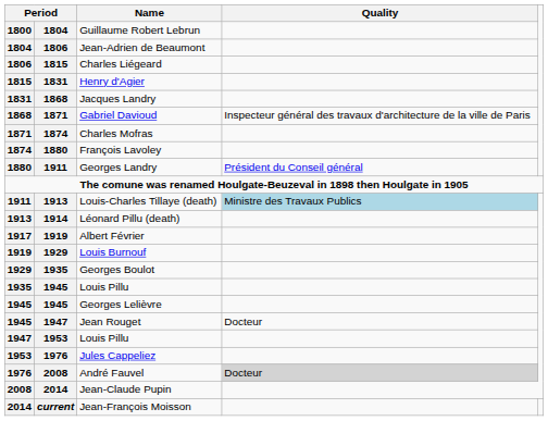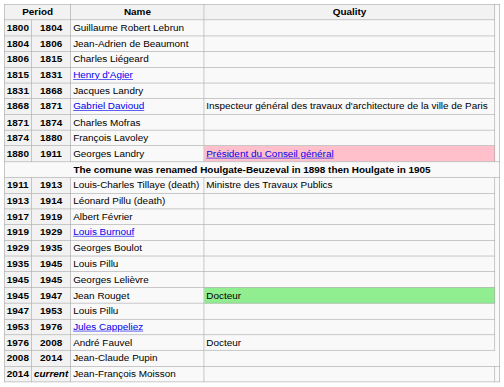 <table width="800" class="wikitable">
 <tr>
 <th colspan=2 align=center>Period</th>
 <th>Name</th>
 <th>Quality</th>
 </tr>
 <tr>
 <th>1800</th>
 <th>1804</th>
 <td>Guillaume Robert Lebrun</td>
 <td></td>
 </tr>
 <tr>
 <th>1804</th>
 <th>1806</th>
 <td>Jean-Adrien de Beaumont</td>
 <td></td>
 </tr>
 <tr>
 <th>1806</th>
 <th>1815</th>
 <td>Charles Liégeard</td>
 <td></td>
 </tr>
 <tr>
 <th>1815</th>
 <th>1831</th>
 <td><a href='#'>Henry d'Agier</a></td>
 <td></td>
 </tr>
 <tr>
 <th>1831</th>
 <th>1868</th>
 <td>Jacques Landry</td>
 <td></td>
 </tr>
 <tr>
 <th>1868</th>
 <th>1871</th>
 <td><a href='#'>Gabriel Davioud</a></td>
 <td>Inspecteur général des travaux d'architecture de la ville de Paris</td>
 </tr>
 <tr>
 <th>1871</th>
 <th>1874</th>
 <td>Charles Mofras</td>
 <td></td>
 </tr>
 <tr>
 <th>1874</th>
 <th>1880</th>
 <td>François Lavoley</td>
 <td></td>
 </tr>
 <tr>
 <th>1880</th>
 <th>1911</th>
 <td>Georges Landry</td>
-<td><a href='#'>Président du Conseil général</a></td>
+<td style="background: pink;"><a href='#'>Président du Conseil général</a></td>
 </tr>
 <tr>
 <td colspan=8 align=center><strong>The comune was renamed Houlgate-Beuzeval in 1898 then Houlgate in 1905</strong></td>
 </tr>
 <tr>
 <th>1911</th>
 <th>1913</th>
 <td>Louis-Charles Tillaye (death)</td>
-<td style="background: lightblue;">Ministre des Travaux Publics</td>
+<td>Ministre des Travaux Publics</td>
 </tr>
 <tr>
 <th>1913</th>
 <th>1914</th>
 <td>Léonard Pillu (death)</td>
 <td></td>
 </tr>
 <tr>
 <th>1917</th>
 <th>1919</th>
 <td>Albert Février</td>
 <td></td>
 </tr>
 <tr>
 <th>1919</th>
 <th>1929</th>
 <td><a href='#'>Louis Burnouf</a></td>
 <td></td>
 </tr>
 <tr>
 <th>1929</th>
 <th>1935</th>
 <td>Georges Boulot</td>
 <td></td>
 </tr>
 <tr>
 <th>1935</th>
 <th>1945</th>
 <td>Louis Pillu</td>
 <td></td>
 </tr>
 <tr>
 <th>1945</th>
 <th>1945</th>
 <td>Georges Lelièvre</td>
 <td></td>
 </tr>
 <tr>
 <th>1945</th>
 <th>1947</th>
 <td>Jean Rouget</td>
-<td>Docteur</td>
+<td style="background: lightgreen;">Docteur</td>
 </tr>
 <tr>
 <th>1947</th>
 <th>1953</th>
 <td>Louis Pillu</td>
 <td></td>
 </tr>
 <tr>
 <th>1953</th>
 <th>1976</th>
 <td><a href='#'>Jules Cappeliez</a></td>
 <td></td>
 </tr>
 <tr>
 <th>1976</th>
 <th>2008</th>
 <td>André Fauvel</td>
-<td style="background: lightgrey;">Docteur</td>
+<td>Docteur</td>
 </tr>
 <tr>
 <th>2008</th>
 <th>2014</th>
 <td>Jean-Claude Pupin</td>
 </tr>
 <tr>
 <th>2014</th>
 <th><em>current</em></th>
 <td>Jean-François Moisson</td>
 <td></td>
 <td></td>
 </tr>
 </table>
